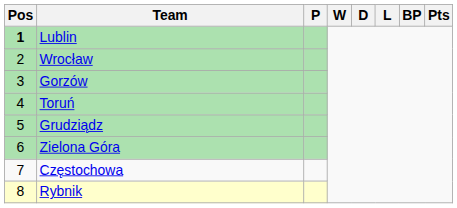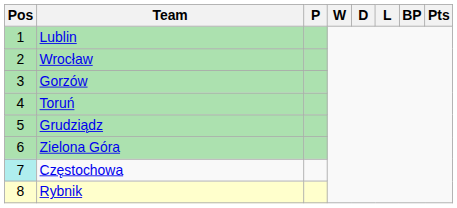 <table class="wikitable" style="font-size: 100%">
 <tr>
 <th width=20>Pos</th>
 <th width=300>Team</th>
 <th width=20>P</th>
 <th width=20>W</th>
 <th width=20>D</th>
 <th width=20>L</th>
 <th width=20>BP</th>
 <th width=20>Pts</th>
 </tr>
 <tr align=center style="background:#ACE1AF;">
-<td><strong>1</strong></td>
+<td>1</td>
 <td align="left"><a href='#'>Lublin</a></td>
 <td></td>
 </tr>
 <tr align=center style="background:#ACE1AF;">
 <td>2</td>
 <td align="left"><a href='#'>Wrocław</a></td>
 <td></td>
 </tr>
 <tr align=center style="background:#ACE1AF;">
 <td>3</td>
 <td align="left"><a href='#'>Gorzów</a></td>
 <td></td>
 </tr>
 <tr align=center style="background:#ACE1AF;">
 <td>4</td>
 <td align="left"><a href='#'>Toruń</a></td>
 <td></td>
 </tr>
 <tr align=center style="background:#ACE1AF;">
 <td>5</td>
 <td align="left"><a href='#'>Grudziądz</a></td>
 <td></td>
 </tr>
 <tr align=center style="background:#ACE1AF;">
 <td>6</td>
 <td align="left"><a href='#'>Zielona Góra</a></td>
 <td></td>
 </tr>
 <tr align=center>
-<td>7</td>
+<td style="background: paleturquoise;">7</td>
 <td align="left"><a href='#'>Częstochowa</a></td>
 <td></td>
 </tr>
 <tr align=center style="background: #ffffcc;">
 <td>8</td>
 <td align="left"><a href='#'>Rybnik</a></td>
 <td></td>
 </tr>
 </table>
